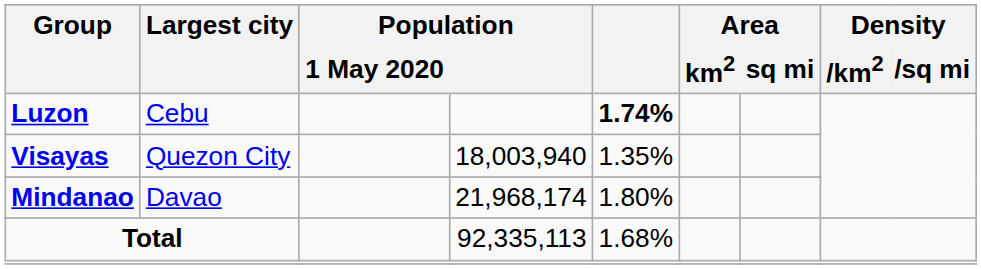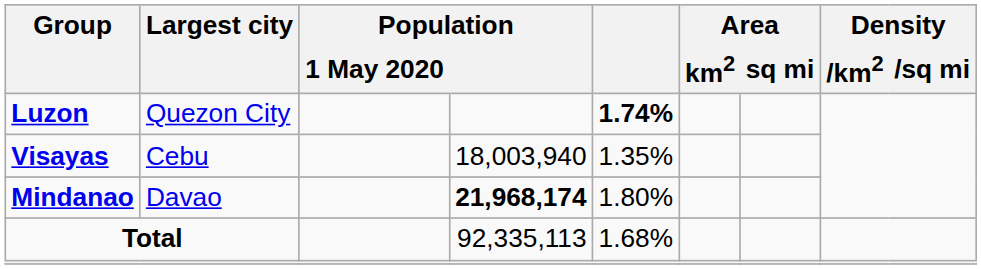 <table class="wikitable sortable" style="margin:auto 2em; text-align:right;">
 <tr>
 <th style="border-bottom:none;"        class="unsortable">Group</th>
 <th style="border-bottom:none;"        class="unsortable">Largest city</th>
 <th style="border-bottom:none;"        colspan=2>Population</th>
 <th style="border-bottom:none;"></th>
 <th style="border-bottom:none;"        colspan=2>Area</th>
 <th style="border-bottom:none;"        colspan=2>Density</th>
 </tr>
 <tr>
 <th style="border-top:none;"></th>
 <th style="border-top:none;"></th>
 <th style="border-width:0 0 thin thin;text:center;">1 May 2020</th>
 <th style="border-width:0 thin thin 0;text:center;"></th>
 <th style="border-top:none;"></th>
 <th style="border-width:0 0 thin thin;">km<sup>2</sup></th>
 <th style="border-width:0 thin thin 0;"  class=unsortable>sq mi</th>
 <th style="border-width:0 0 thin thin;">/km<sup>2</sup></th>
 <th style="border-width:0 thin thin 0;"  class=unsortable>/sq mi</th>
 </tr>
 <tr>
 <td style="text-align:left; font-weight:bold;"><a href='#'>Luzon</a></td>
-<td style="text-align:left;"><a href='#'>Cebu</a></td>
+<td style="text-align:left;"><a href='#'>Quezon City</a></td>
 <td></td>
 <td></td>
 <td><strong>1.74%</strong></td>
 <td></td>
 <td></td>
 </tr>
 <tr>
 <td style="text-align:left; font-weight:bold;"><a href='#'>Visayas</a></td>
-<td style="text-align:left;"><a href='#'>Quezon City</a></td>
+<td style="text-align:left;"><a href='#'>Cebu</a></td>
 <td></td>
 <td>18,003,940</td>
 <td>1.35%</td>
 <td></td>
 <td></td>
 </tr>
 <tr>
 <td style="text-align:left; font-weight:bold;"><a href='#'>Mindanao</a></td>
 <td style="text-align:left;"><a href='#'>Davao</a></td>
 <td></td>
-<td>21,968,174</td>
+<td><strong>21,968,174</strong></td>
 <td>1.80%</td>
 <td></td>
 <td></td>
 </tr>
 <tr style="border-style:solid none double none;border-width:thin 0 medium 0;" class=sortbottom>
 <td style="text-align:center;font-weight:bold;" colspan=2>Total</td>
 <td></td>
 <td>92,335,113</td>
 <td>1.68%</td>
 <td></td>
 <td></td>
 </tr>
 </table>
